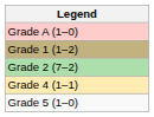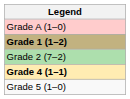 <table class="wikitable" style="font-size:85%;" width="11%">
 <tr>
 <th>Legend</th>
 </tr>
 <tr bgcolor="ffcccc">
 <td>Grade A (1–0)</td>
 </tr>
 <tr bgcolor="#C2B280">
-<td>Grade 1 (1–2)</td>
+<td><strong>Grade 1 (1–2)</strong></td>
 </tr>
 <tr bgcolor="#ADDFAD">
 <td>Grade 2 (7–2)</td>
 </tr>
 <tr bgcolor="#ffecb2">
-<td>Grade 4 (1–1)</td>
+<td><strong>Grade 4 (1–1)</strong></td>
 </tr>
 <tr>
 <td>Grade 5 (1–0)</td>
 </tr>
 </table>
